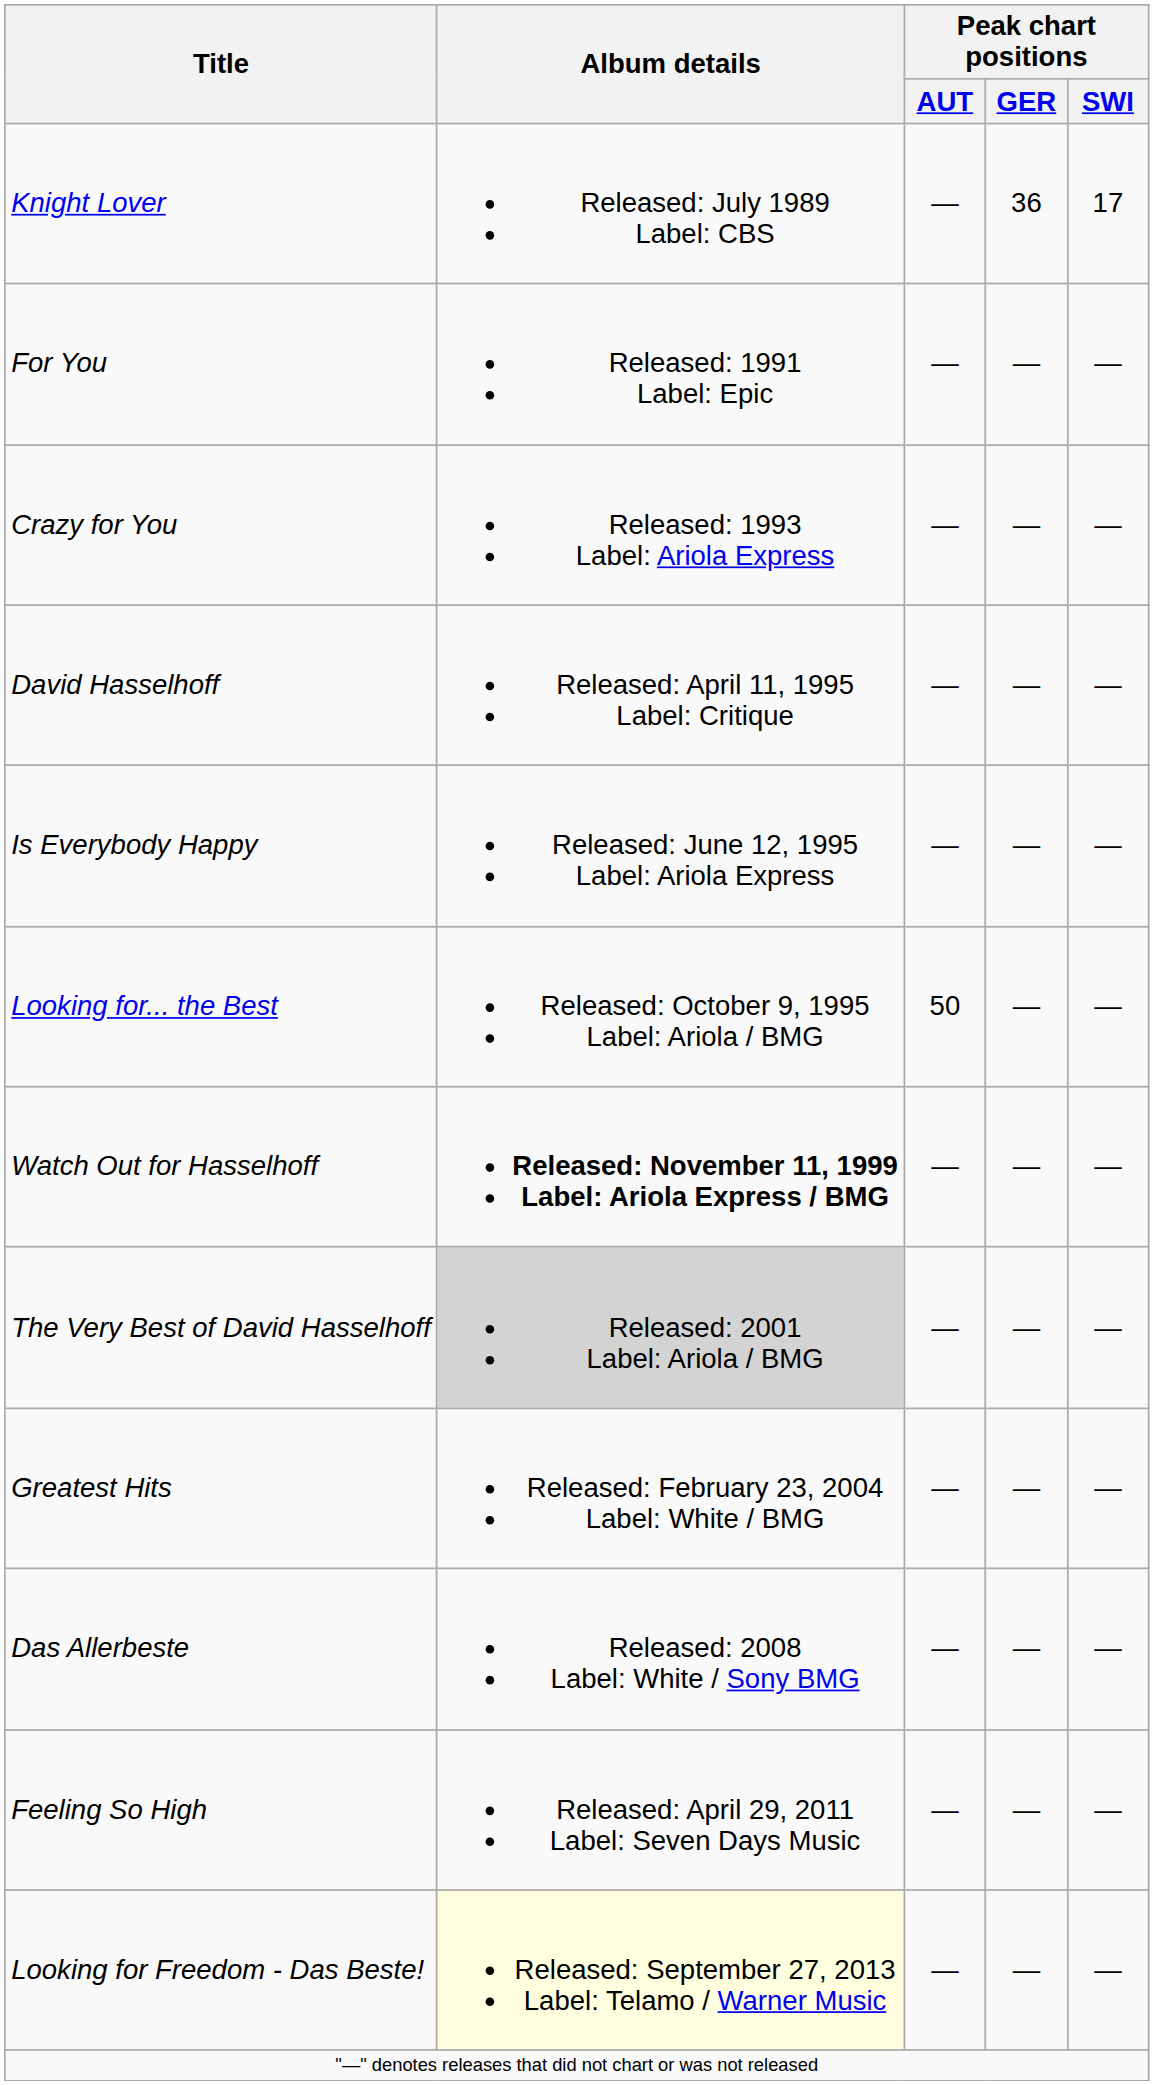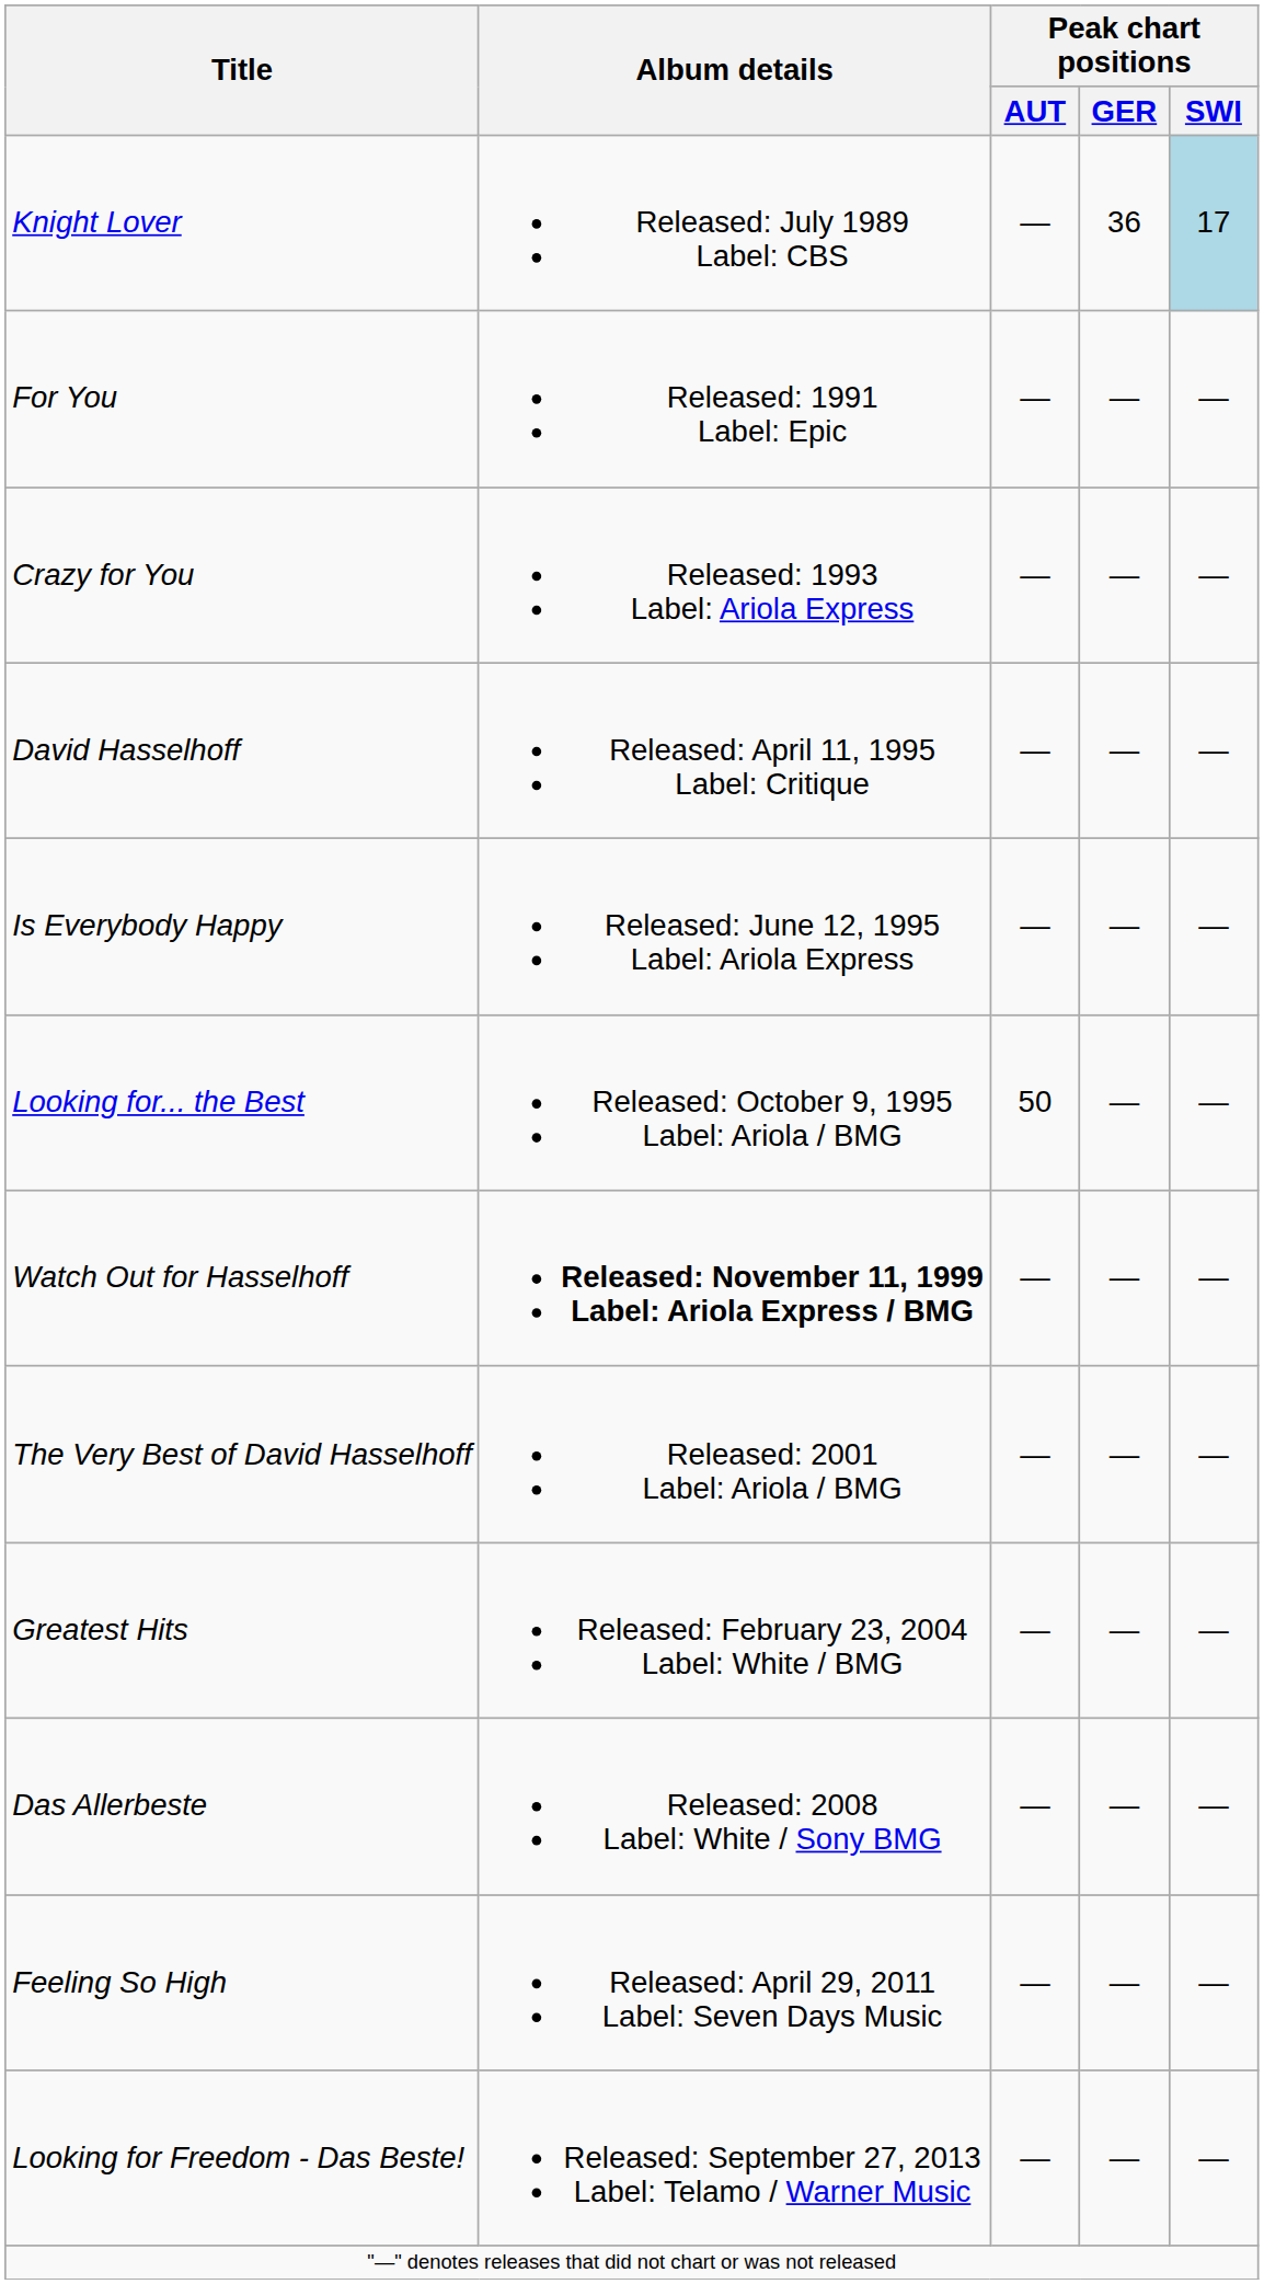 <table class="wikitable" style="text-align:center;">
 <tr>
 <th rowspan="2">Title</th>
 <th rowspan="2">Album details</th>
 <th colspan="3">Peak chart positions</th>
 </tr>
 <tr>
 <th style="width:40px;"><a href='#'>AUT</a><br></th>
 <th style="width:40px;"><a href='#'>GER</a><br></th>
 <th style="width:40px;"><a href='#'>SWI</a><br></th>
 </tr>
 <tr>
 <td style="text-align:left;"><em><a href='#'>Knight Lover</a></em></td>
 <td><br><ul><li>Released: July 1989</li><li>Label: CBS</li></ul></td>
 <td>—</td>
 <td>36</td>
-<td>17</td>
+<td style="background: lightblue;">17</td>
 </tr>
 <tr>
 <td style="text-align:left;"><em>For You</em></td>
 <td><br><ul><li>Released: 1991</li><li>Label: Epic</li></ul></td>
 <td>—</td>
 <td>—</td>
 <td>—</td>
 </tr>
 <tr>
 <td style="text-align:left;"><em>Crazy for You</em></td>
 <td><br><ul><li>Released: 1993</li><li>Label: <a href='#'>Ariola Express</a></li></ul></td>
 <td>—</td>
 <td>—</td>
 <td>—</td>
 </tr>
 <tr>
 <td style="text-align:left;"><em>David Hasselhoff</em></td>
 <td><br><ul><li>Released: April 11, 1995</li><li>Label: Critique</li></ul></td>
 <td>—</td>
 <td>—</td>
 <td>—</td>
 </tr>
 <tr>
 <td style="text-align:left;"><em>Is Everybody Happy</em></td>
 <td><br><ul><li>Released: June 12, 1995</li><li>Label: Ariola Express</li></ul></td>
 <td>—</td>
 <td>—</td>
 <td>—</td>
 </tr>
 <tr>
 <td style="text-align:left;"><em><a href='#'>Looking for... the Best</a></em></td>
 <td><br><ul><li>Released: October 9, 1995</li><li>Label: Ariola / BMG</li></ul></td>
 <td>50</td>
 <td>—</td>
 <td>—</td>
 </tr>
 <tr>
 <td style="text-align:left;"><em>Watch Out for Hasselhoff</em></td>
 <td><strong><br><ul><li>Released: November 11, 1999</li><li>Label: Ariola Express / BMG</li></ul></strong></td>
 <td>—</td>
 <td>—</td>
 <td>—</td>
 </tr>
 <tr>
 <td style="text-align:left;"><em>The Very Best of David Hasselhoff</em></td>
-<td style="background: lightgrey;"><br><ul><li>Released: 2001</li><li>Label: Ariola / BMG</li></ul></td>
+<td><br><ul><li>Released: 2001</li><li>Label: Ariola / BMG</li></ul></td>
 <td>—</td>
 <td>—</td>
 <td>—</td>
 </tr>
 <tr>
 <td style="text-align:left;"><em>Greatest Hits</em></td>
 <td><br><ul><li>Released: February 23, 2004</li><li>Label: White / BMG</li></ul></td>
 <td>—</td>
 <td>—</td>
 <td>—</td>
 </tr>
 <tr>
 <td style="text-align:left;"><em>Das Allerbeste</em></td>
 <td><br><ul><li>Released: 2008</li><li>Label: White / <a href='#'>Sony BMG</a></li></ul></td>
 <td>—</td>
 <td>—</td>
 <td>—</td>
 </tr>
 <tr>
 <td style="text-align:left;"><em>Feeling So High</em></td>
 <td><br><ul><li>Released: April 29, 2011</li><li>Label: Seven Days Music</li></ul></td>
 <td>—</td>
 <td>—</td>
 <td>—</td>
 </tr>
 <tr>
 <td style="text-align:left;"><em>Looking for Freedom - Das Beste!</em></td>
-<td style="background: lightyellow;"><br><ul><li>Released: September 27, 2013</li><li>Label: Telamo / <a href='#'>Warner Music</a></li></ul></td>
+<td><br><ul><li>Released: September 27, 2013</li><li>Label: Telamo / <a href='#'>Warner Music</a></li></ul></td>
 <td>—</td>
 <td>—</td>
 <td>—</td>
 </tr>
 <tr>
 <td colspan="10" style="font-size:8pt">"—" denotes releases that did not chart or was not released</td>
 </tr>
 </table>
